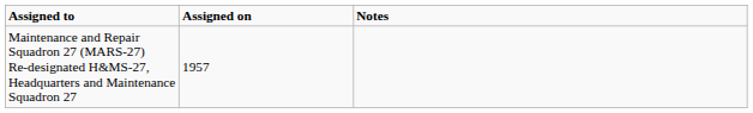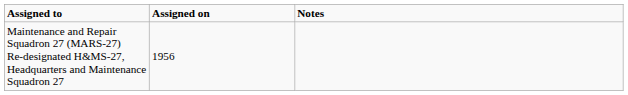 <table class="wikitable" style="width: 70%;">
 <tr>
 <td style="width: 200px;"><strong>Assigned to</strong></td>
 <td style="width: 200px;"><strong>Assigned on</strong></td>
 <td><strong>Notes</strong></td>
 </tr>
 <tr>
 <td>Maintenance and Repair Squadron 27 (MARS-27)<br>Re-designated H&MS-27, Headquarters and Maintenance Squadron 27</td>
-<td>1957</td>
+<td>1956</td>
 <td></td>
 </tr>
 </table>
